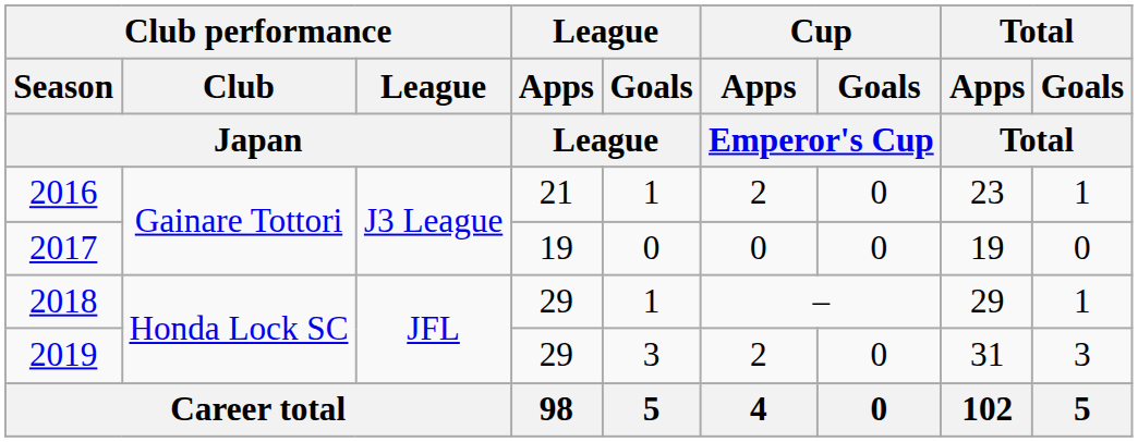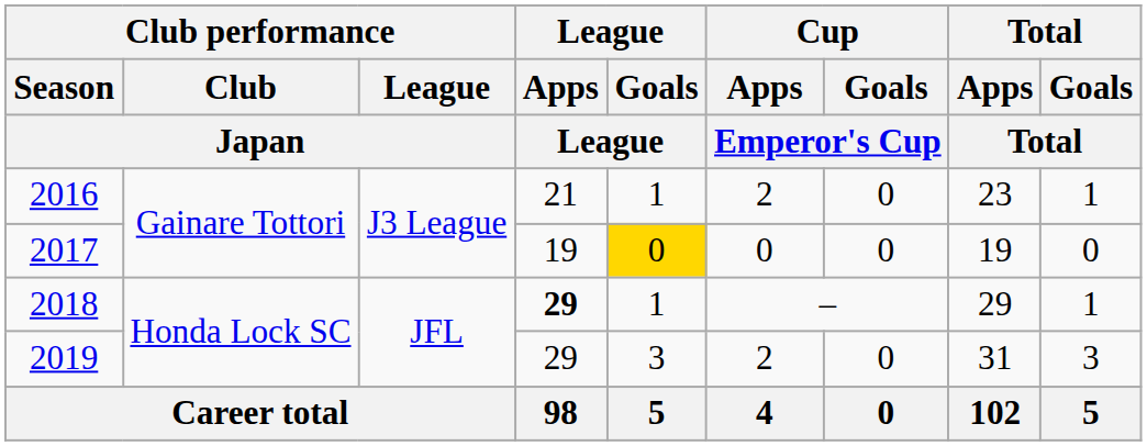 <table class="wikitable" style="text-align:center">
 <tr>
 <th colspan=3>Club performance</th>
 <th colspan=2>League</th>
 <th colspan=2>Cup</th>
 <th colspan=2>Total</th>
 </tr>
 <tr>
 <th>Season</th>
 <th>Club</th>
 <th>League</th>
 <th>Apps</th>
 <th>Goals</th>
 <th>Apps</th>
 <th>Goals</th>
 <th>Apps</th>
 <th>Goals</th>
 </tr>
 <tr>
 <th colspan=3>Japan</th>
 <th colspan=2>League</th>
 <th colspan=2><a href='#'>Emperor's Cup</a></th>
 <th colspan=2>Total</th>
 </tr>
 <tr>
 <td><a href='#'>2016</a></td>
 <td rowspan="2"><a href='#'>Gainare Tottori</a></td>
 <td rowspan="2"><a href='#'>J3 League</a></td>
 <td>21</td>
 <td>1</td>
 <td>2</td>
 <td>0</td>
 <td>23</td>
 <td>1</td>
 </tr>
 <tr>
 <td><a href='#'>2017</a></td>
 <td>19</td>
-<td>0</td>
+<td style="background: gold;">0</td>
 <td>0</td>
 <td>0</td>
 <td>19</td>
 <td>0</td>
 </tr>
 <tr>
 <td><a href='#'>2018</a></td>
 <td rowspan="2"><a href='#'>Honda Lock SC</a></td>
 <td rowspan="2"><a href='#'>JFL</a></td>
-<td>29</td>
+<td><strong>29</strong></td>
 <td>1</td>
 <td colspan="2">–</td>
 <td>29</td>
 <td>1</td>
 </tr>
 <tr>
 <td><a href='#'>2019</a></td>
 <td>29</td>
 <td>3</td>
 <td>2</td>
 <td>0</td>
 <td>31</td>
 <td>3</td>
 </tr>
 <tr>
 <th colspan=3>Career total</th>
 <th>98</th>
 <th>5</th>
 <th>4</th>
 <th>0</th>
 <th>102</th>
 <th>5</th>
 </tr>
 </table>
